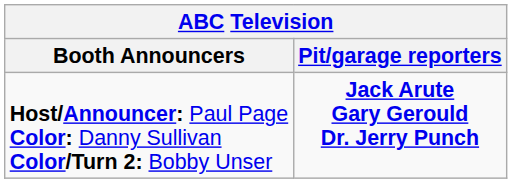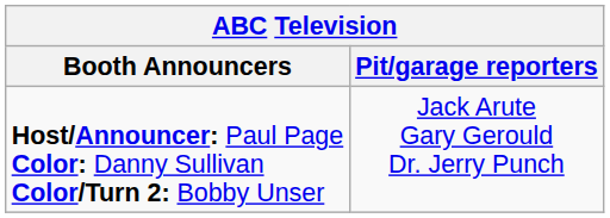 <table class="wikitable" style="font-size: 95%;">
 <tr>
 <th colspan=2><a href='#'>ABC</a> <a href='#'>Television</a></th>
 </tr>
 <tr>
 <th>Booth Announcers</th>
 <th><a href='#'>Pit/garage reporters</a></th>
 </tr>
 <tr>
 <td valign="top"><br><strong>Host/<a href='#'>Announcer</a>:</strong> <a href='#'>Paul Page</a><br> <strong><a href='#'>Color</a>:</strong> <a href='#'>Danny Sullivan</a><br> <strong><a href='#'>Color</a>/Turn 2:</strong> <a href='#'>Bobby Unser</a><br></td>
-<td align="center" valign="top"><strong><a href='#'>Jack Arute</a><br><a href='#'>Gary Gerould</a><br><a href='#'>Dr. Jerry Punch</a></strong></td>
+<td align="center" valign="top"><a href='#'>Jack Arute</a><br><a href='#'>Gary Gerould</a><br><a href='#'>Dr. Jerry Punch</a></td>
 </tr>
 </table>
